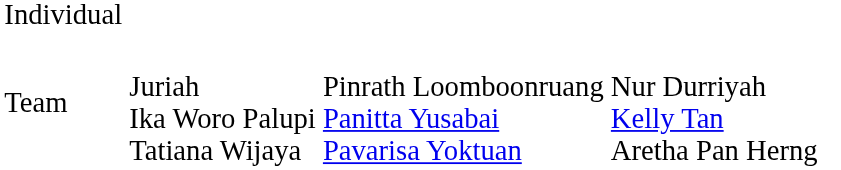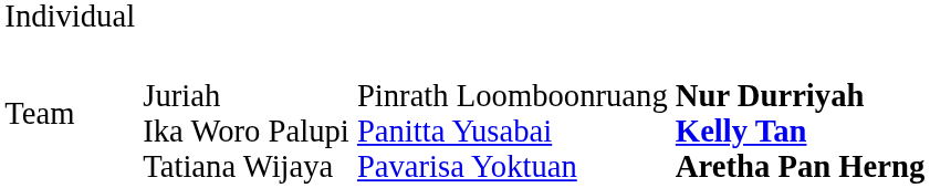 <table>
 <tr>
 <td>Individual</td>
 <td></td>
 <td></td>
 <td></td>
 </tr>
 <tr>
 <td>Team</td>
 <td nowrap><br>Juriah<br>Ika Woro Palupi<br>Tatiana Wijaya</td>
 <td nowrap><br>Pinrath Loomboonruang<br><a href='#'>Panitta Yusabai</a><br><a href='#'>Pavarisa Yoktuan</a></td>
-<td nowrap><br>Nur Durriyah<br><a href='#'>Kelly Tan</a><br>Aretha Pan Herng</td>
+<td nowrap><strong><br>Nur Durriyah<br><a href='#'>Kelly Tan</a><br>Aretha Pan Herng</strong></td>
 </tr>
 </table>
